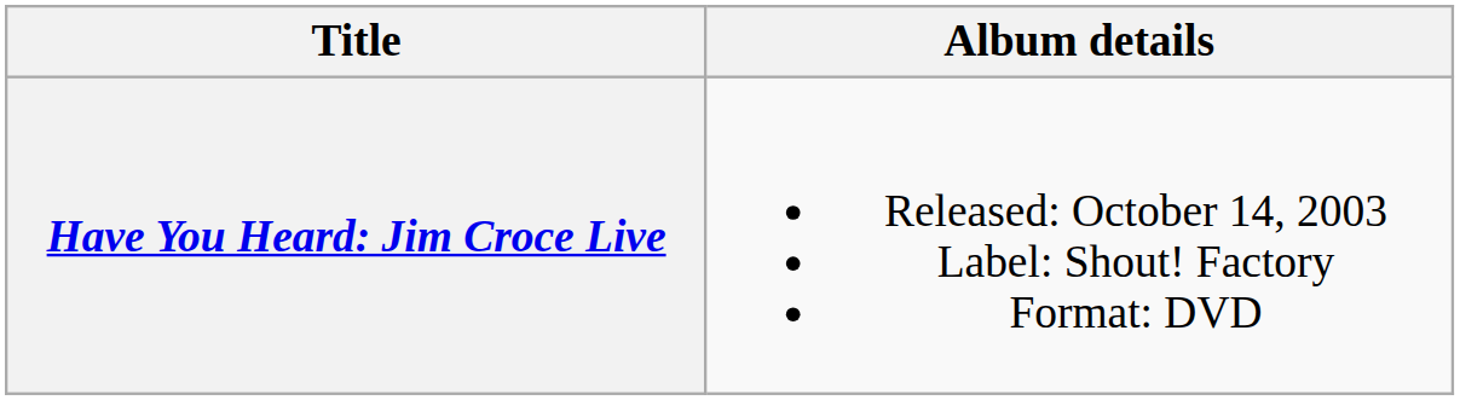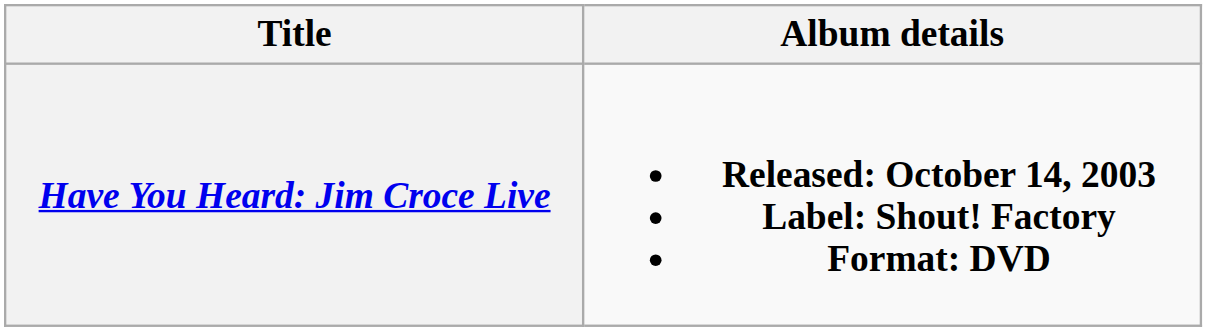 <table class="wikitable plainrowheaders" style="text-align:center;">
 <tr>
 <th scope="col" style="width:15em;">Title</th>
 <th scope="col" style="width:16em;">Album details</th>
 </tr>
 <tr>
 <th scope="row"><em><a href='#'>Have You Heard: Jim Croce Live</a></em></th>
-<td><br><ul><li>Released: October 14, 2003</li><li>Label: Shout! Factory</li><li>Format: DVD</li></ul></td>
+<td><strong><br><ul><li>Released: October 14, 2003</li><li>Label: Shout! Factory</li><li>Format: DVD</li></ul></strong></td>
 </tr>
 </table>
